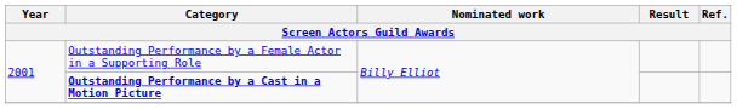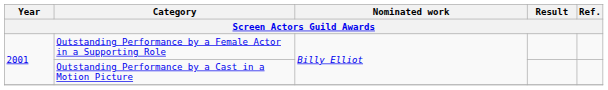 <table class="wikitable">
 <tr>
 <th scope="col" style="width:5em;">Year</th>
 <th scope="col" style="width:26em;">Category</th>
 <th scope="col" style="width:25em;">Nominated work</th>
 <th scope="col" style="width:5em;">Result</th>
 <th>Ref.</th>
 </tr>
 <tr>
 <th colspan="5"><a href='#'>Screen Actors Guild Awards</a></th>
 </tr>
 <tr>
 <td rowspan="2"><a href='#'>2001</a></td>
 <td><a href='#'>Outstanding Performance by a Female Actor in a Supporting Role</a></td>
 <td rowspan="2"><em><a href='#'>Billy Elliot</a></em></td>
 <td></td>
 <td></td>
 </tr>
 <tr>
-<td><strong><a href='#'>Outstanding Performance by a Cast in a Motion Picture</a></strong></td>
+<td><a href='#'>Outstanding Performance by a Cast in a Motion Picture</a></td>
 <td></td>
 <td></td>
 </tr>
 <tr>
 </tr>
 </table>
